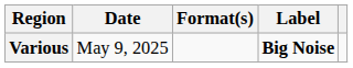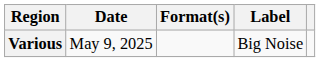 <table class="wikitable plainrowheaders">
 <tr>
 <th scope="col">Region</th>
 <th scope="col">Date</th>
 <th scope="col">Format(s)</th>
 <th scope="col">Label</th>
 <th scope="col"></th>
 </tr>
 <tr>
 <th scope="row">Various</th>
 <td>May 9, 2025</td>
 <td></td>
-<td><strong>Big Noise</strong></td>
+<td>Big Noise</td>
 <td align="center"></td>
 </tr>
 <tr>
 </tr>
 </table>
